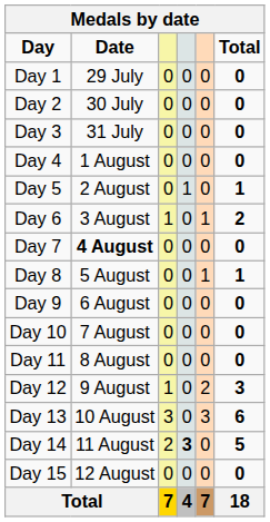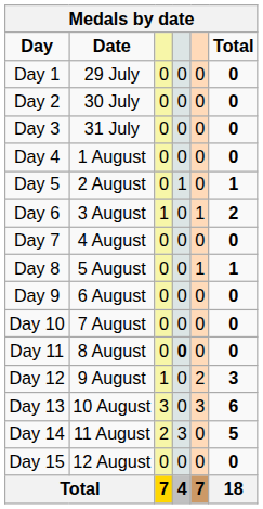 <table class=wikitable style="font-size:85%">
 <tr bgcolor=efefef>
 <th colspan=6>Medals by date</th>
 </tr>
 <tr align=center>
 <td><strong>Day</strong></td>
 <td><strong>Date</strong></td>
 <td bgcolor=#f7f6a8></td>
 <td bgcolor=#dce5e5></td>
 <td bgcolor=#ffdab9></td>
 <td><strong>Total</strong></td>
 </tr>
 <tr align=center>
 <td>Day 1</td>
 <td>29 July</td>
 <td bgcolor=F7F6A8>0</td>
 <td bgcolor=DCE5E5>0</td>
 <td bgcolor=FFDAB9>0</td>
 <td><strong>0</strong></td>
 </tr>
 <tr align=center>
 <td>Day 2</td>
 <td>30 July</td>
 <td bgcolor=F7F6A8>0</td>
 <td bgcolor=DCE5E5>0</td>
 <td bgcolor=FFDAB9>0</td>
 <td><strong>0</strong></td>
 </tr>
 <tr align=center>
 <td>Day 3</td>
 <td>31 July</td>
 <td bgcolor=F7F6A8>0</td>
 <td bgcolor=DCE5E5>0</td>
 <td bgcolor=FFDAB9>0</td>
 <td><strong>0</strong></td>
 </tr>
 <tr align=center>
 <td>Day 4</td>
 <td>1 August</td>
 <td bgcolor=F7F6A8>0</td>
 <td bgcolor=DCE5E5>0</td>
 <td bgcolor=FFDAB9>0</td>
 <td><strong>0</strong></td>
 </tr>
 <tr align=center>
 <td>Day 5</td>
 <td>2 August</td>
 <td bgcolor=F7F6A8>0</td>
 <td bgcolor=DCE5E5>1</td>
 <td bgcolor=FFDAB9>0</td>
 <td><strong>1</strong></td>
 </tr>
 <tr align=center>
 <td>Day 6</td>
 <td>3 August</td>
 <td bgcolor=F7F6A8>1</td>
 <td bgcolor=DCE5E5>0</td>
 <td bgcolor=FFDAB9>1</td>
 <td><strong>2</strong></td>
 </tr>
 <tr align=center>
 <td>Day 7</td>
-<td><strong>4 August</strong></td>
+<td>4 August</td>
 <td bgcolor=F7F6A8>0</td>
 <td bgcolor=DCE5E5>0</td>
 <td bgcolor=FFDAB9>0</td>
 <td><strong>0</strong></td>
 </tr>
 <tr align=center>
 <td>Day 8</td>
 <td>5 August</td>
 <td bgcolor=F7F6A8>0</td>
 <td bgcolor=DCE5E5>0</td>
 <td bgcolor=FFDAB9>1</td>
 <td><strong>1</strong></td>
 </tr>
 <tr align=center>
 <td>Day 9</td>
 <td>6 August</td>
 <td bgcolor=F7F6A8>0</td>
 <td bgcolor=DCE5E5>0</td>
 <td bgcolor=FFDAB9>0</td>
 <td><strong>0</strong></td>
 </tr>
 <tr align=center>
 <td>Day 10</td>
 <td>7 August</td>
 <td bgcolor=F7F6A8>0</td>
 <td bgcolor=DCE5E5>0</td>
 <td bgcolor=FFDAB9>0</td>
 <td><strong>0</strong></td>
 </tr>
 <tr align=center>
 <td>Day 11</td>
 <td>8 August</td>
 <td bgcolor=F7F6A8>0</td>
-<td bgcolor=DCE5E5>0</td>
+<td bgcolor=DCE5E5><strong>0</strong></td>
 <td bgcolor=FFDAB9>0</td>
 <td><strong>0</strong></td>
 </tr>
 <tr align=center>
 <td>Day 12</td>
 <td>9 August</td>
 <td bgcolor=F7F6A8>1</td>
 <td bgcolor=DCE5E5>0</td>
 <td bgcolor=FFDAB9>2</td>
 <td><strong>3</strong></td>
 </tr>
 <tr align=center>
 <td>Day 13</td>
 <td>10 August</td>
 <td bgcolor=F7F6A8>3</td>
 <td bgcolor=DCE5E5>0</td>
 <td bgcolor=FFDAB9>3</td>
 <td><strong>6</strong></td>
 </tr>
 <tr align=center>
 <td>Day 14</td>
 <td>11 August</td>
 <td bgcolor=F7F6A8>2</td>
-<td bgcolor=DCE5E5><strong>3</strong></td>
+<td bgcolor=DCE5E5>3</td>
 <td bgcolor=FFDAB9>0</td>
 <td><strong>5</strong></td>
 </tr>
 <tr align=center>
 <td>Day 15</td>
 <td>12 August</td>
 <td bgcolor=F7F6A8>0</td>
 <td bgcolor=DCE5E5>0</td>
 <td bgcolor=FFDAB9>0</td>
 <td><strong>0</strong></td>
 </tr>
 <tr>
 <th colspan=2>Total</th>
 <th style="background:gold">7</th>
 <th style="background:silver">4</th>
 <th style="background:#c96">7</th>
 <th>18</th>
 </tr>
 </table>
